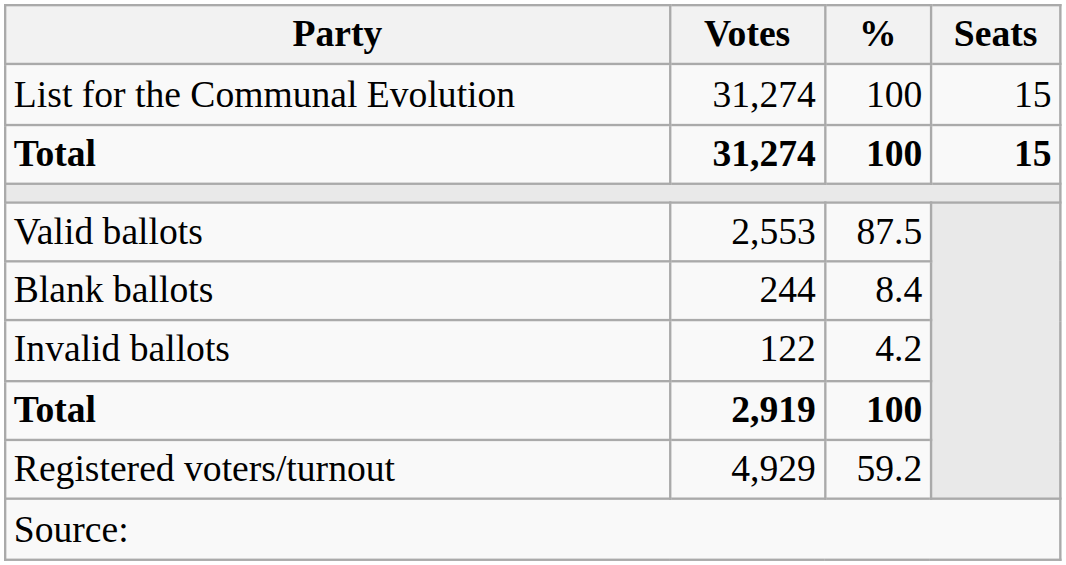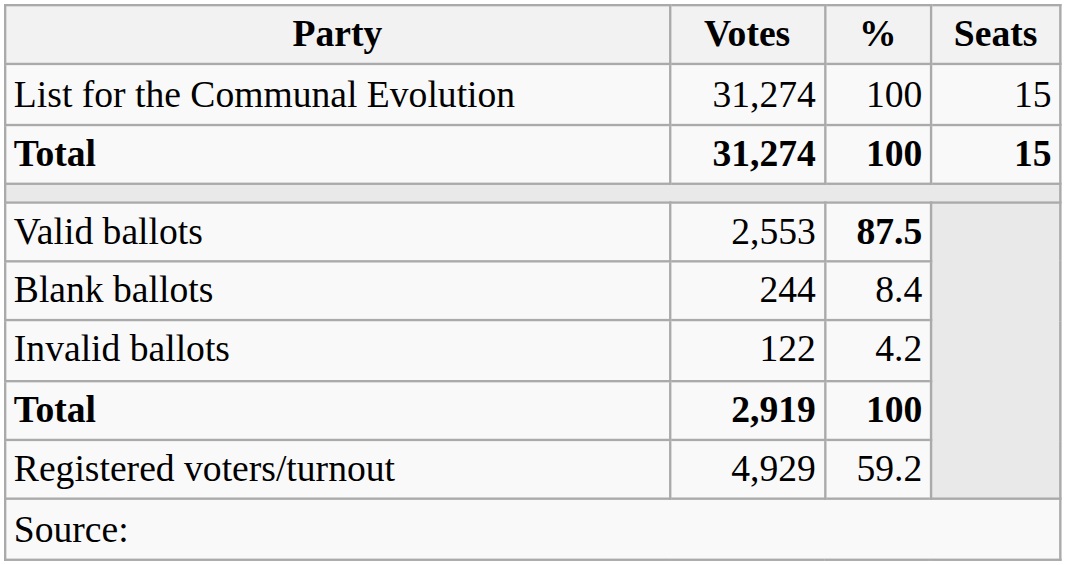 <table class=wikitable style=text-align:right width=450>
 <tr>
 <th>Party</th>
 <th>Votes</th>
 <th>%</th>
 <th>Seats</th>
 </tr>
 <tr>
 <td align=left>List for the Communal Evolution</td>
 <td>31,274</td>
 <td>100</td>
 <td>15</td>
 </tr>
 <tr>
 <td align=left><strong>Total</strong></td>
 <td><strong>31,274</strong></td>
 <td><strong>100</strong></td>
 <td><strong>15</strong></td>
 </tr>
 <tr>
 <td bgcolor=#E9E9E9 colspan=4></td>
 </tr>
 <tr>
 <td align=left>Valid ballots</td>
 <td>2,553</td>
-<td>87.5</td>
+<td><strong>87.5</strong></td>
 <td rowspan=5 bgcolor=#E9E9E9></td>
 </tr>
 <tr>
 <td align=left>Blank ballots</td>
 <td>244</td>
 <td>8.4</td>
 </tr>
 <tr>
 <td align=left>Invalid ballots</td>
 <td>122</td>
 <td>4.2</td>
 </tr>
 <tr>
 <td align=left><strong> Total</strong></td>
 <td><strong> 2,919</strong></td>
 <td><strong>100</strong></td>
 </tr>
 <tr>
 <td align=left>Registered voters/turnout</td>
 <td>4,929</td>
 <td>59.2</td>
 </tr>
 <tr>
 <td align=left colspan=4>Source: </td>
 </tr>
 </table>
